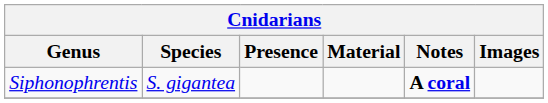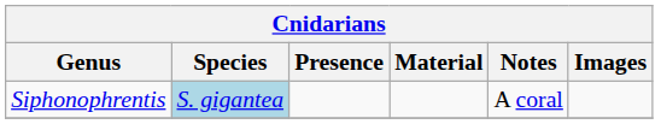 <table class="wikitable" align="center">
 <tr>
 <th colspan="6" align="center"><strong><a href='#'>Cnidarians</a></strong></th>
 </tr>
 <tr>
 <th>Genus</th>
 <th>Species</th>
 <th>Presence</th>
 <th><strong>Material</strong></th>
 <th>Notes</th>
 <th>Images</th>
 </tr>
 <tr>
 <td><em><a href='#'>Siphonophrentis</a></em></td>
-<td><em><a href='#'>S. gigantea</a></em></td>
+<td style="background: lightblue;"><em><a href='#'>S. gigantea</a></em></td>
 <td></td>
 <td></td>
-<td><strong>A <a href='#'>coral</a></strong></td>
+<td>A <a href='#'>coral</a></td>
 <td></td>
 </tr>
 <tr>
 </tr>
 </table>
